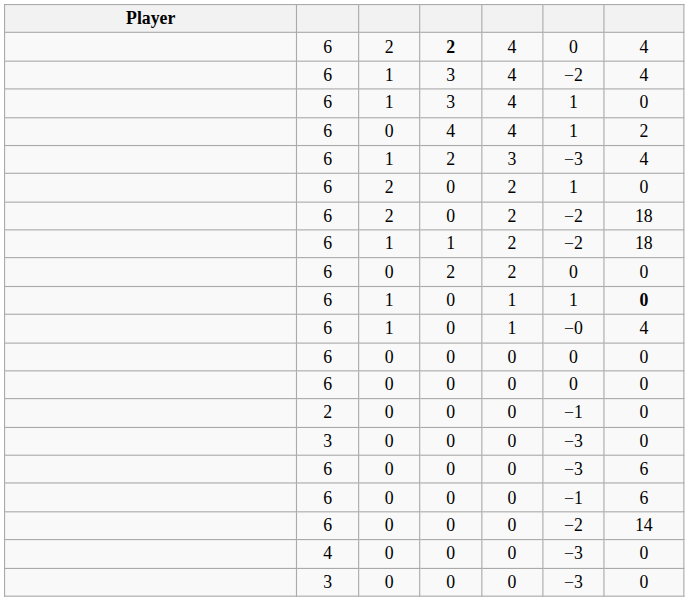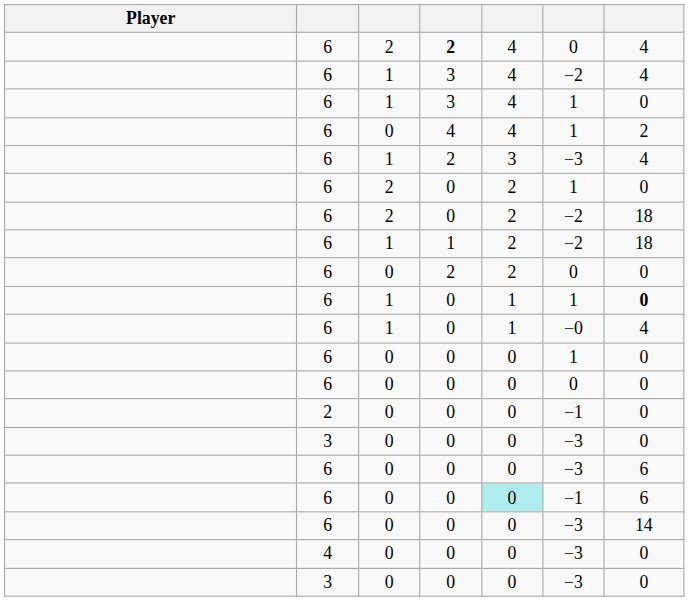 <table class="wikitable sortable" style=" text-align:center;">
 <tr>
 <th style="width:16em">Player</th>
 <th style="width:3em"></th>
 <th style="width:3em"></th>
 <th style="width:3em"></th>
 <th style="width:3em"></th>
 <th style="width:3em" data-sort-type="number"></th>
 <th style="width:4em"></th>
 </tr>
 <tr>
 <td style="text-align:left;"></td>
 <td>6</td>
 <td>2</td>
 <td><strong>2</strong></td>
 <td>4</td>
 <td>0</td>
 <td>4</td>
 </tr>
 <tr>
 <td style="text-align:left;"></td>
 <td>6</td>
 <td>1</td>
 <td>3</td>
 <td>4</td>
 <td>−2</td>
 <td>4</td>
 </tr>
 <tr>
 <td style="text-align:left;"></td>
 <td>6</td>
 <td>1</td>
 <td>3</td>
 <td>4</td>
 <td>1</td>
 <td>0</td>
 </tr>
 <tr>
 <td style="text-align:left;"></td>
 <td>6</td>
 <td>0</td>
 <td>4</td>
 <td>4</td>
 <td>1</td>
 <td>2</td>
 </tr>
 <tr>
 <td style="text-align:left;"></td>
 <td>6</td>
 <td>1</td>
 <td>2</td>
 <td>3</td>
 <td>−3</td>
 <td>4</td>
 </tr>
 <tr>
 <td style="text-align:left;"></td>
 <td>6</td>
 <td>2</td>
 <td>0</td>
 <td>2</td>
 <td>1</td>
 <td>0</td>
 </tr>
 <tr>
 <td style="text-align:left;"></td>
 <td>6</td>
 <td>2</td>
 <td>0</td>
 <td>2</td>
 <td>−2</td>
 <td>18</td>
 </tr>
 <tr>
 <td style="text-align:left;"></td>
 <td>6</td>
 <td>1</td>
 <td>1</td>
 <td>2</td>
 <td>−2</td>
 <td>18</td>
 </tr>
 <tr>
 <td style="text-align:left;"></td>
 <td>6</td>
 <td>0</td>
 <td>2</td>
 <td>2</td>
 <td>0</td>
 <td>0</td>
 </tr>
 <tr>
 <td style="text-align:left;"></td>
 <td>6</td>
 <td>1</td>
 <td>0</td>
 <td>1</td>
 <td>1</td>
 <td><strong>0</strong></td>
 </tr>
 <tr>
 <td style="text-align:left;"></td>
 <td>6</td>
 <td>1</td>
 <td>0</td>
 <td>1</td>
 <td>−0</td>
 <td>4</td>
 </tr>
 <tr>
 <td style="text-align:left;"></td>
 <td>6</td>
 <td>0</td>
 <td>0</td>
 <td>0</td>
-<td>0</td>
+<td>1</td>
 <td>0</td>
 </tr>
 <tr>
 <td style="text-align:left;"></td>
 <td>6</td>
 <td>0</td>
 <td>0</td>
 <td>0</td>
 <td>0</td>
 <td>0</td>
 </tr>
 <tr>
 <td style="text-align:left;"></td>
 <td>2</td>
 <td>0</td>
 <td>0</td>
 <td>0</td>
 <td>−1</td>
 <td>0</td>
 </tr>
 <tr>
 <td style="text-align:left;"></td>
 <td>3</td>
 <td>0</td>
 <td>0</td>
 <td>0</td>
 <td>−3</td>
 <td>0</td>
 </tr>
 <tr>
 <td style="text-align:left;"></td>
 <td>6</td>
 <td>0</td>
 <td>0</td>
 <td>0</td>
 <td>−3</td>
 <td>6</td>
 </tr>
 <tr>
 <td style="text-align:left;"></td>
 <td>6</td>
 <td>0</td>
 <td>0</td>
-<td>0</td>
+<td style="background: paleturquoise;">0</td>
 <td>−1</td>
 <td>6</td>
 </tr>
 <tr>
 <td style="text-align:left;"></td>
 <td>6</td>
 <td>0</td>
 <td>0</td>
 <td>0</td>
-<td>−2</td>
+<td>−3</td>
 <td>14</td>
 </tr>
 <tr>
 <td style="text-align:left;"></td>
 <td>4</td>
 <td>0</td>
 <td>0</td>
 <td>0</td>
 <td>−3</td>
 <td>0</td>
 </tr>
 <tr>
 <td style="text-align:left;"></td>
 <td>3</td>
 <td>0</td>
 <td>0</td>
 <td>0</td>
 <td>−3</td>
 <td>0</td>
 </tr>
 </table>
